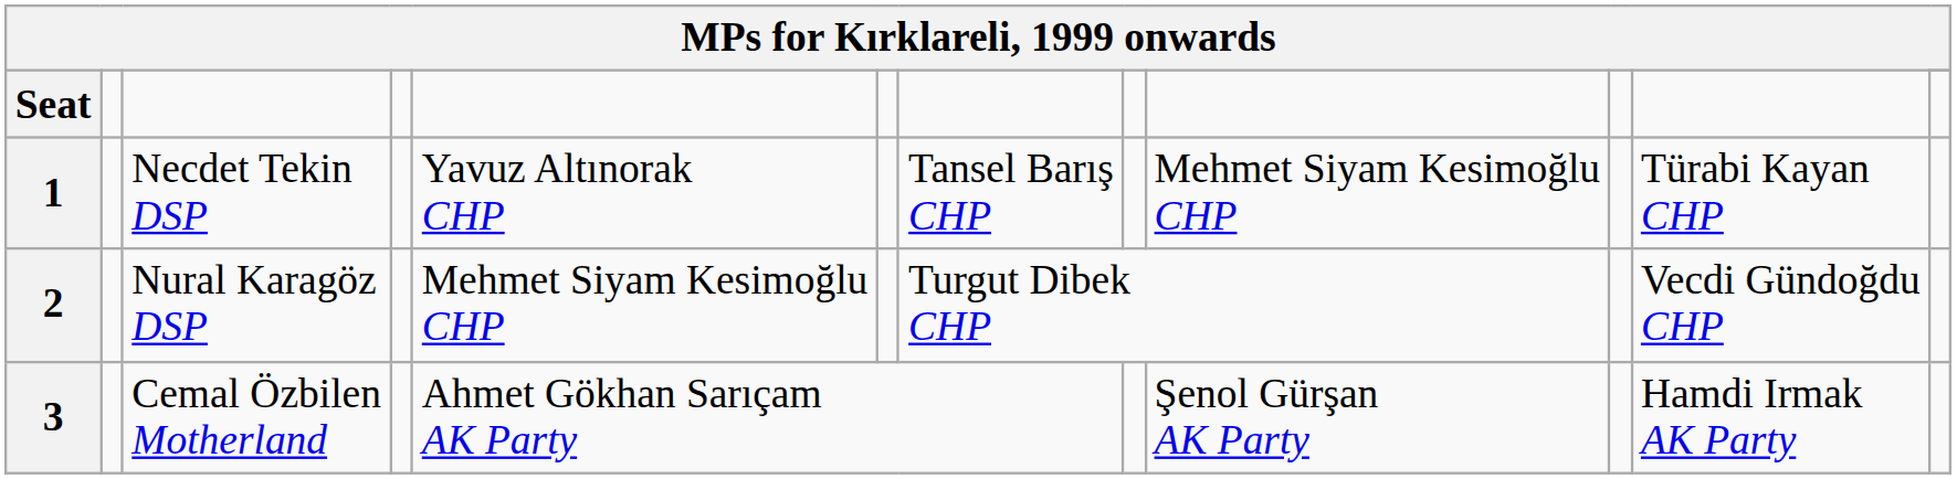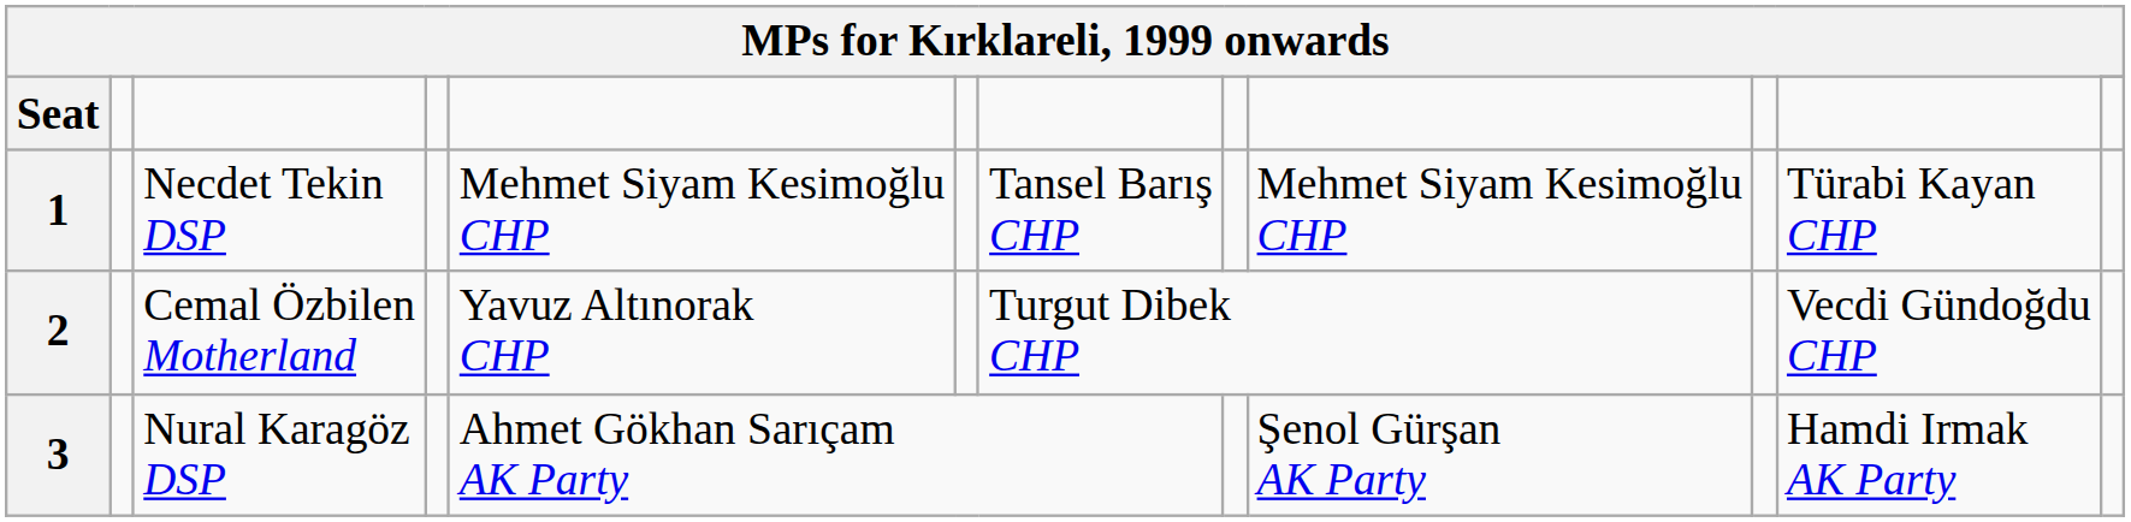 <table class="wikitable">
 <tr>
 <th colspan = 12>MPs for Kırklareli, 1999 onwards</th>
 </tr>
 <tr>
 <th rowspan = 2>Seat</th>
 <td rowspan="2" style="width:1px;"></td>
 <td rowspan = 2></td>
 <td rowspan="2" style="width:1px;"></td>
 <td rowspan = 2></td>
 <td rowspan="2" style="width:1px;"></td>
 <td rowspan = 2></td>
 <td rowspan="2" style="width:1px;"></td>
 <td rowspan = 2></td>
 <td rowspan="2" style="width:1px;"></td>
 <td rowspan = 2></td>
 </tr>
 <tr>
 <td></td>
 </tr>
 <tr>
 <th>1</th>
 <td width=1px style="background-color: "></td>
 <td colspan = 1>Necdet Tekin<br><em><a href='#'>DSP</a></em></td>
 <td width=1px style="background-color: "></td>
-<td colspan = 1>Yavuz Altınorak<br><em><a href='#'>CHP</a></em></td>
+<td colspan = 1>Mehmet Siyam Kesimoğlu<br><em><a href='#'>CHP</a></em></td>
 <td width=1px style="background-color: "></td>
 <td colspan = 1>Tansel Barış<br><em><a href='#'>CHP</a></em></td>
 <td width=1px style="background-color: "></td>
 <td colspan = 1>Mehmet Siyam Kesimoğlu<br><em><a href='#'>CHP</a></em></td>
 <td width=1px style="background-color: "></td>
 <td colspan = 1>Türabi Kayan<br><em><a href='#'>CHP</a></em></td>
 <td width=1px style="background-color: "></td>
 </tr>
 <tr>
 <th>2</th>
 <td width=1px style="background-color: "></td>
-<td colspan = 1>Nural Karagöz<br><em><a href='#'>DSP</a></em></td>
+<td colspan = 1>Cemal Özbilen<br><em><a href='#'>Motherland</a></em></td>
 <td width=1px style="background-color: "></td>
-<td colspan = 1>Mehmet Siyam Kesimoğlu<br><em><a href='#'>CHP</a></em></td>
+<td colspan = 1>Yavuz Altınorak<br><em><a href='#'>CHP</a></em></td>
 <td width=1px style="background-color: "></td>
 <td colspan = 3>Turgut Dibek<br><em><a href='#'>CHP</a></em></td>
 <td width=1px style="background-color: "></td>
 <td colspan = 1>Vecdi Gündoğdu<br><em><a href='#'>CHP</a></em></td>
 <td width=1px style="background-color: "></td>
 </tr>
 <tr>
 <th>3</th>
 <td width=1px style="background-color: "></td>
-<td colspan = 1>Cemal Özbilen<br><em><a href='#'>Motherland</a></em></td>
+<td colspan = 1>Nural Karagöz<br><em><a href='#'>DSP</a></em></td>
 <td width=1px style="background-color: "></td>
 <td colspan = 3>Ahmet Gökhan Sarıçam<br><em><a href='#'>AK Party</a></em></td>
 <td width=1px style="background-color: "></td>
 <td colspan = 1>Şenol Gürşan<br><em><a href='#'>AK Party</a></em></td>
 <td width=1px style="background-color: "></td>
 <td colspan = 1>Hamdi Irmak<br><em><a href='#'>AK Party</a></em></td>
 <td width=1px style="background-color: "></td>
 </tr>
 </table>
